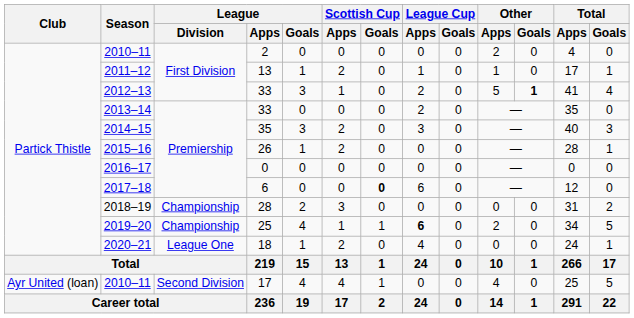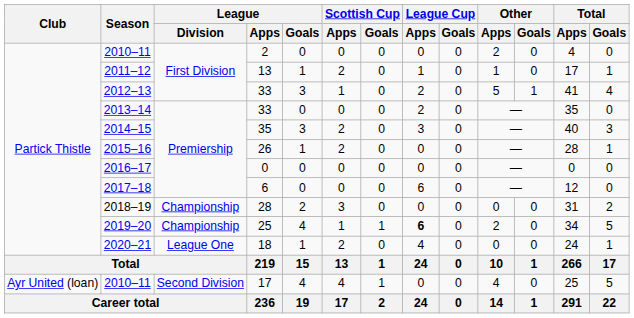 <table class="wikitable" style="text-align: center">
 <tr>
 <th rowspan=2>Club</th>
 <th rowspan=2>Season</th>
 <th colspan=3>League</th>
 <th colspan=2><a href='#'>Scottish Cup</a></th>
 <th colspan=2><a href='#'>League Cup</a></th>
 <th colspan=2>Other</th>
 <th colspan=2>Total</th>
 </tr>
 <tr>
 <th>Division</th>
 <th>Apps</th>
 <th>Goals</th>
 <th>Apps</th>
 <th>Goals</th>
 <th>Apps</th>
 <th>Goals</th>
 <th>Apps</th>
 <th>Goals</th>
 <th>Apps</th>
 <th>Goals</th>
 </tr>
 <tr>
 <td rowspan="11"><a href='#'>Partick Thistle</a></td>
 <td><a href='#'>2010–11</a></td>
 <td rowspan="3"><a href='#'>First Division</a></td>
 <td>2</td>
 <td>0</td>
 <td>0</td>
 <td>0</td>
 <td>0</td>
 <td>0</td>
 <td>2</td>
 <td>0</td>
 <td>4</td>
 <td>0</td>
 </tr>
 <tr>
 <td><a href='#'>2011–12</a></td>
 <td>13</td>
 <td>1</td>
 <td>2</td>
 <td>0</td>
 <td>1</td>
 <td>0</td>
 <td>1</td>
 <td>0</td>
 <td>17</td>
 <td>1</td>
 </tr>
 <tr>
 <td><a href='#'>2012–13</a></td>
 <td>33</td>
 <td>3</td>
 <td>1</td>
 <td>0</td>
 <td>2</td>
 <td>0</td>
 <td>5</td>
-<td><strong>1</strong></td>
+<td>1</td>
 <td>41</td>
 <td>4</td>
 </tr>
 <tr>
 <td><a href='#'>2013–14</a></td>
 <td rowspan="5"><a href='#'>Premiership</a></td>
 <td>33</td>
 <td>0</td>
 <td>0</td>
 <td>0</td>
 <td>2</td>
 <td>0</td>
 <td colspan="2">—</td>
 <td>35</td>
 <td>0</td>
 </tr>
 <tr>
 <td><a href='#'>2014–15</a></td>
 <td>35</td>
 <td>3</td>
 <td>2</td>
 <td>0</td>
 <td>3</td>
 <td>0</td>
 <td colspan="2">—</td>
 <td>40</td>
 <td>3</td>
 </tr>
 <tr>
 <td><a href='#'>2015–16</a></td>
 <td>26</td>
 <td>1</td>
 <td>2</td>
 <td>0</td>
 <td>0</td>
 <td>0</td>
 <td colspan="2">—</td>
 <td>28</td>
 <td>1</td>
 </tr>
 <tr>
 <td><a href='#'>2016–17</a></td>
 <td>0</td>
 <td>0</td>
 <td>0</td>
 <td>0</td>
 <td>0</td>
 <td>0</td>
 <td colspan="2">—</td>
 <td>0</td>
 <td>0</td>
 </tr>
 <tr>
 <td><a href='#'>2017–18</a></td>
 <td>6</td>
 <td>0</td>
 <td>0</td>
-<td><strong>0</strong></td>
+<td>0</td>
 <td>6</td>
 <td>0</td>
 <td colspan="2">—</td>
 <td>12</td>
 <td>0</td>
 </tr>
 <tr>
 <td>2018–19</td>
 <td><a href='#'>Championship</a></td>
 <td>28</td>
 <td>2</td>
 <td>3</td>
 <td>0</td>
 <td>0</td>
 <td>0</td>
 <td>0</td>
 <td>0</td>
 <td>31</td>
 <td>2</td>
 </tr>
 <tr>
 <td><a href='#'>2019–20</a></td>
 <td><a href='#'>Championship</a></td>
 <td>25</td>
 <td>4</td>
 <td>1</td>
 <td>1</td>
 <td><strong>6</strong></td>
 <td>0</td>
 <td>2</td>
 <td>0</td>
 <td>34</td>
 <td>5</td>
 </tr>
 <tr>
 <td><a href='#'>2020–21</a></td>
 <td><a href='#'>League One</a></td>
 <td>18</td>
 <td>1</td>
 <td>2</td>
 <td>0</td>
 <td>4</td>
 <td>0</td>
 <td>0</td>
 <td>0</td>
 <td>24</td>
 <td>1</td>
 </tr>
 <tr>
 <th colspan="3">Total</th>
 <th>219</th>
 <th>15</th>
 <th>13</th>
 <th>1</th>
 <th>24</th>
 <th>0</th>
 <th>10</th>
 <th>1</th>
 <th>266</th>
 <th>17</th>
 </tr>
 <tr>
 <td><a href='#'>Ayr United</a> (loan)</td>
 <td><a href='#'>2010–11</a></td>
 <td><a href='#'>Second Division</a></td>
 <td>17</td>
 <td>4</td>
 <td>4</td>
 <td>1</td>
 <td>0</td>
 <td>0</td>
 <td>4</td>
 <td>0</td>
 <td>25</td>
 <td>5</td>
 </tr>
 <tr>
 <th colspan="3">Career total</th>
 <th>236</th>
 <th>19</th>
 <th>17</th>
 <th>2</th>
 <th>24</th>
 <th>0</th>
 <th>14</th>
 <th>1</th>
 <th>291</th>
 <th>22</th>
 </tr>
 </table>
